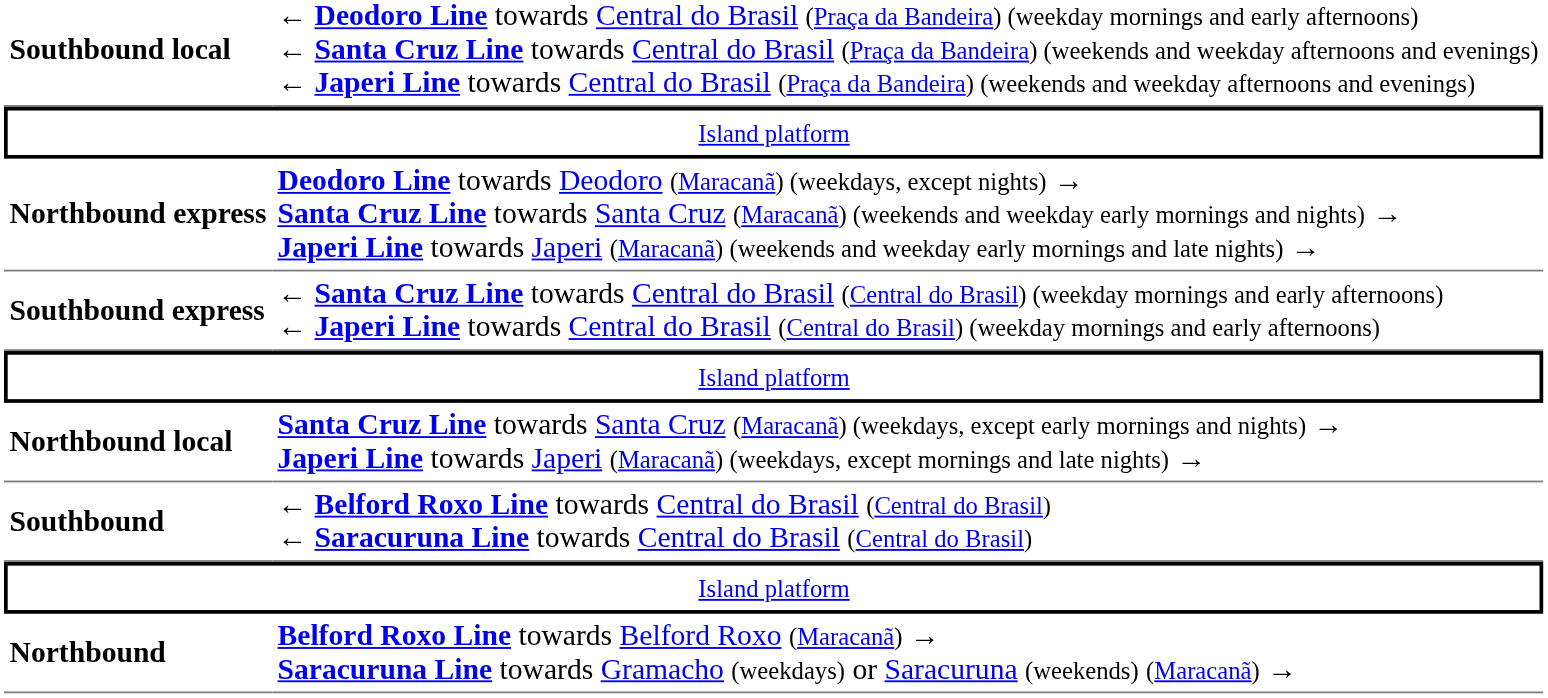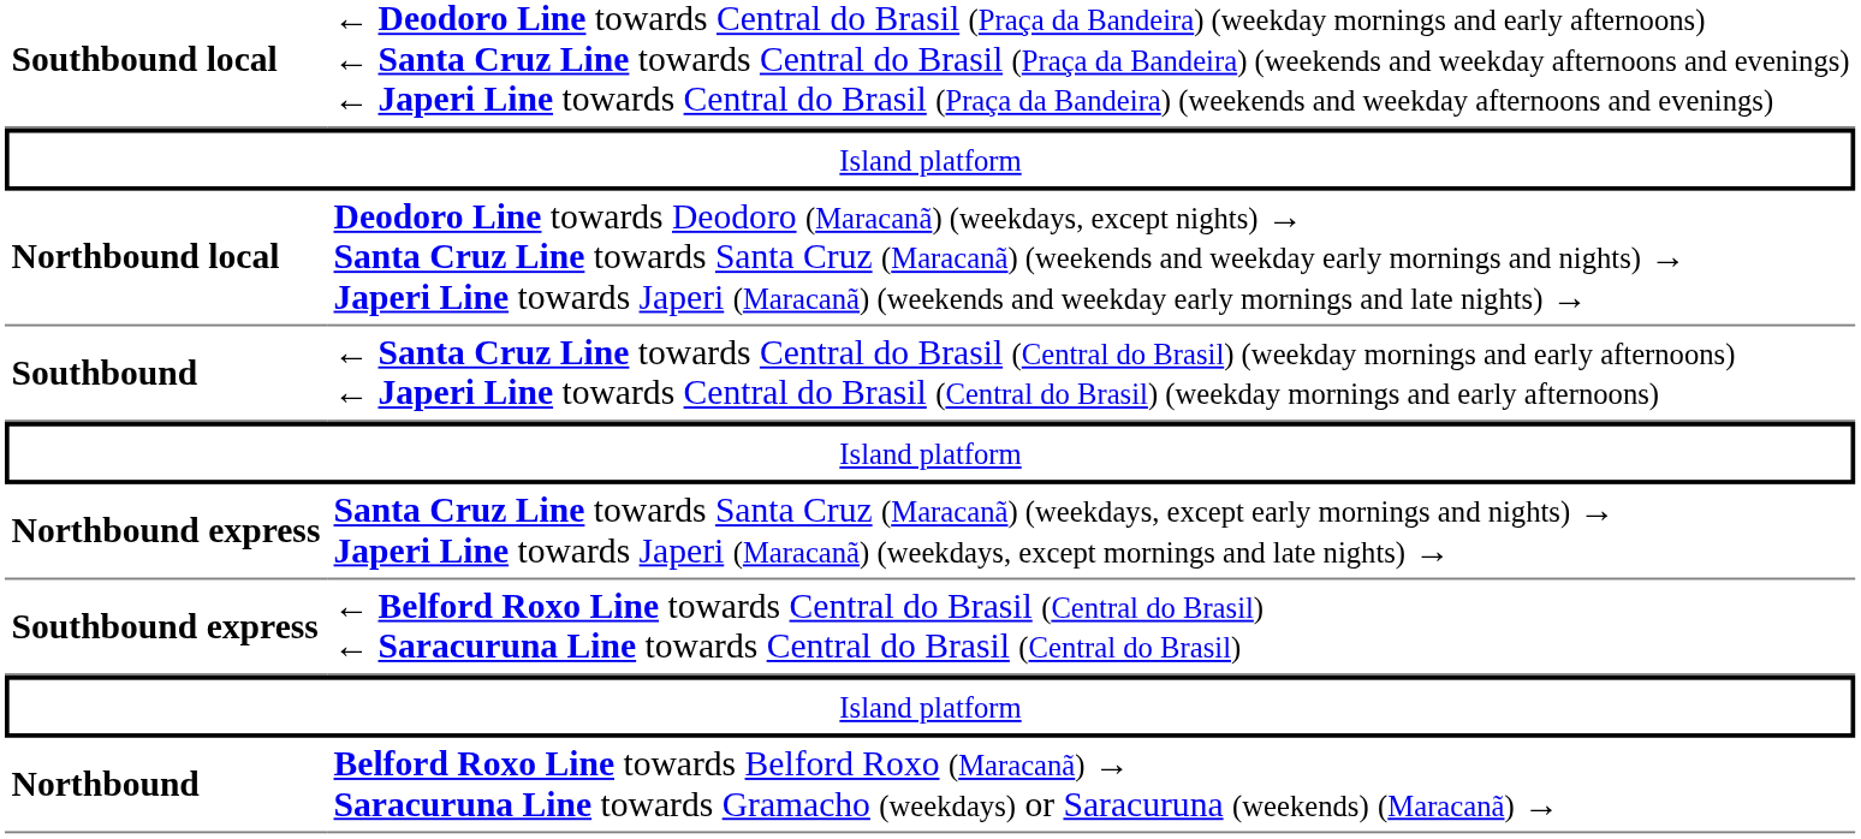 <table table border=0 cellspacing=0 cellpadding=3>
 <tr>
 <td style="border-bottom:solid 1px gray;"><span><strong>Southbound local</strong></span></td>
 <td style="border-bottom:solid 1px gray;">← <strong><a href='#'><span>Deodoro Line</span></a></strong> towards <a href='#'>Central do Brasil</a> <small>(<a href='#'>Praça da Bandeira</a>) (weekday mornings and early afternoons)</small><br>← <strong><a href='#'><span>Santa Cruz Line</span></a></strong> towards <a href='#'>Central do Brasil</a> <small>(<a href='#'>Praça da Bandeira</a>) (weekends and weekday afternoons and evenings)</small><br>← <strong><a href='#'><span>Japeri Line</span></a></strong> towards <a href='#'>Central do Brasil</a> <small>(<a href='#'>Praça da Bandeira</a>) (weekends and weekday afternoons and evenings)</small></td>
 </tr>
 <tr>
 <td style="border-top:solid 2px black;border-right:solid 2px black;border-left:solid 2px black;border-bottom:solid 2px black;text-align:center;" colspan=2><small><a href='#'>Island platform</a></small></td>
 </tr>
 <tr>
-<td style="border-bottom:solid 1px gray;"><span><strong>Northbound express</strong></span></td>
+<td style="border-bottom:solid 1px gray;"><span><strong>Northbound local</strong></span></td>
 <td style="border-bottom:solid 1px gray;"><strong><a href='#'><span>Deodoro Line</span></a></strong> towards <a href='#'>Deodoro</a> <small>(<a href='#'>Maracanã</a>) (weekdays, except nights)</small> →<br> <strong><a href='#'><span>Santa Cruz Line</span></a></strong> towards <a href='#'>Santa Cruz</a> <small>(<a href='#'>Maracanã</a>) (weekends and weekday early mornings and nights)</small> →<br><strong><a href='#'><span>Japeri Line</span></a></strong> towards <a href='#'>Japeri</a> <small>(<a href='#'>Maracanã</a>) (weekends and weekday early mornings and late nights)</small> →</td>
 </tr>
 <tr>
-<td style="border-bottom:solid 1px gray;"><span><strong>Southbound express</strong></span></td>
+<td style="border-bottom:solid 1px gray;"><span><strong>Southbound</strong></span></td>
 <td style="border-bottom:solid 1px gray;">← <strong><a href='#'><span>Santa Cruz Line</span></a></strong> towards <a href='#'>Central do Brasil</a> <small>(<a href='#'>Central do Brasil</a>) (weekday mornings and early afternoons)</small><br>← <strong><a href='#'><span>Japeri Line</span></a></strong> towards <a href='#'>Central do Brasil</a> <small>(<a href='#'>Central do Brasil</a>) (weekday mornings and early afternoons)</small></td>
 </tr>
 <tr>
 <td style="border-top:solid 2px black;border-right:solid 2px black;border-left:solid 2px black;border-bottom:solid 2px black;text-align:center;" colspan=2><small><a href='#'>Island platform</a></small></td>
 </tr>
 <tr>
-<td style="border-bottom:solid 1px gray;"><span><strong>Northbound local</strong></span></td>
+<td style="border-bottom:solid 1px gray;"><span><strong>Northbound express</strong></span></td>
 <td style="border-bottom:solid 1px gray;"><strong><a href='#'><span>Santa Cruz Line</span></a></strong> towards <a href='#'>Santa Cruz</a> <small>(<a href='#'>Maracanã</a>) (weekdays, except early mornings and nights)</small> →<br> <strong><a href='#'><span>Japeri Line</span></a></strong> towards <a href='#'>Japeri</a> <small>(<a href='#'>Maracanã</a>) (weekdays, except mornings and late nights)</small> →</td>
 </tr>
 <tr>
-<td style="border-bottom:solid 1px gray;"><span><strong>Southbound</strong></span></td>
+<td style="border-bottom:solid 1px gray;"><span><strong>Southbound express</strong></span></td>
 <td style="border-bottom:solid 1px gray;">← <strong><a href='#'><span>Belford Roxo Line</span></a></strong> towards <a href='#'>Central do Brasil</a> <small>(<a href='#'>Central do Brasil</a>)</small><br>← <strong><a href='#'><span>Saracuruna Line</span></a></strong> towards <a href='#'>Central do Brasil</a> <small>(<a href='#'>Central do Brasil</a>)</small></td>
 </tr>
 <tr>
 <td style="border-top:solid 2px black;border-right:solid 2px black;border-left:solid 2px black;border-bottom:solid 2px black;text-align:center;" colspan=2><small><a href='#'>Island platform</a></small></td>
 </tr>
 <tr>
 <td style="border-bottom:solid 1px gray;"><span><strong>Northbound</strong></span></td>
 <td style="border-bottom:solid 1px gray;"><strong><a href='#'><span>Belford Roxo Line</span></a></strong> towards <a href='#'>Belford Roxo</a> <small>(<a href='#'>Maracanã</a>)</small> →<br><strong><a href='#'><span>Saracuruna Line</span></a></strong> towards <a href='#'>Gramacho</a> <small>(weekdays)</small> or <a href='#'>Saracuruna</a> <small>(weekends)</small> <small>(<a href='#'>Maracanã</a>)</small> →</td>
 </tr>
 <tr>
 </tr>
 </table>
